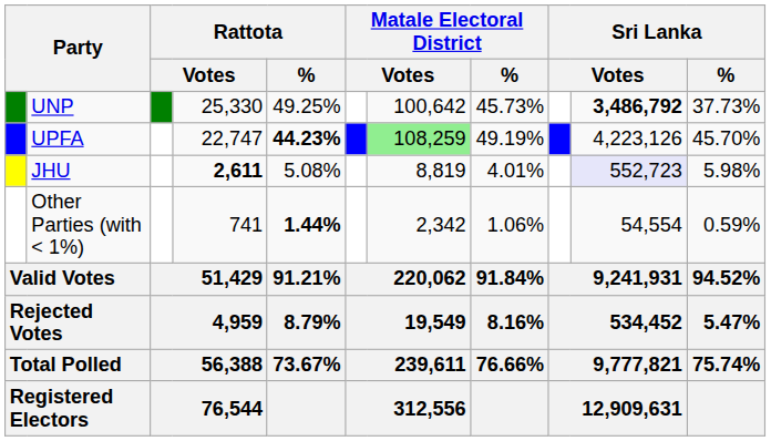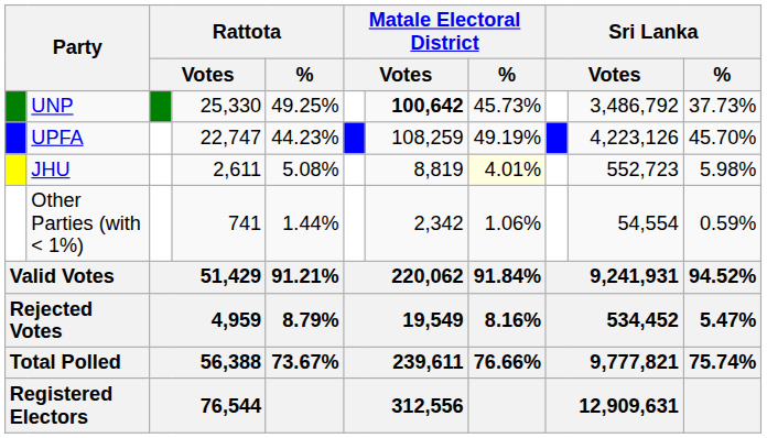 <table class="wikitable">
 <tr>
 <th colspan="2" width="144px"rowspan="2">Party</th>
 <th colspan="3" width="216px">Rattota</th>
 <th colspan="3" width="216px"><a href='#'>Matale Electoral District</a></th>
 <th colspan="3" width="216px">Sri Lanka</th>
 </tr>
 <tr>
 <th colspan="2" width="144px">Votes</th>
 <th>%</th>
 <th colspan="2" width="144px">Votes</th>
 <th>%</th>
 <th colspan="2" width="144px">Votes</th>
 <th>%</th>
 </tr>
 <tr>
 <td style="background-color:green;" width="10px"></td>
 <td style="text-align:left;"><a href='#'>UNP</a></td>
 <td style="background-color:green;" width="10px"></td>
 <td style="text-align:right;">25,330</td>
 <td style="text-align:right;">49.25%</td>
 <td style="background-color:white;" width="10px"></td>
-<td style="text-align:right;">100,642</td>
+<td style="text-align:right;"><strong>100,642</strong></td>
 <td style="text-align:right;">45.73%</td>
 <td style="background-color:white;" width="10px"></td>
-<td style="text-align:right;"><strong>3,486,792</strong></td>
+<td style="text-align:right;">3,486,792</td>
 <td style="text-align:right;">37.73%</td>
 </tr>
 <tr>
 <td style="background-color:blue;" width="10px"></td>
 <td style="text-align:left;"><a href='#'>UPFA</a></td>
 <td style="background-color:white;" width="10px"></td>
 <td style="text-align:right;">22,747</td>
-<td style="text-align:right;"><strong>44.23%</strong></td>
+<td style="text-align:right;">44.23%</td>
 <td style="background-color:blue;" width="10px"></td>
-<td style="background: lightgreen; text-align:right;">108,259</td>
+<td style="text-align:right;">108,259</td>
 <td style="text-align:right;">49.19%</td>
 <td style="background-color:blue;" width="10px"></td>
 <td style="text-align:right;">4,223,126</td>
 <td style="text-align:right;">45.70%</td>
 </tr>
 <tr>
 <td style="background-color:yellow;" width="10px"></td>
 <td style="text-align:left;"><a href='#'>JHU</a></td>
 <td style="background-color:white;" width="10px"></td>
-<td style="text-align:right;"><strong>2,611</strong></td>
+<td style="text-align:right;">2,611</td>
 <td style="text-align:right;">5.08%</td>
 <td style="background-color:white;" width="10px"></td>
 <td style="text-align:right;">8,819</td>
-<td style="text-align:right;">4.01%</td>
+<td style="background: lightyellow; text-align:right;">4.01%</td>
 <td style="background-color:white;" width="10px"></td>
-<td style="background: lavender; text-align:right;">552,723</td>
+<td style="text-align:right;">552,723</td>
 <td style="text-align:right;">5.98%</td>
 </tr>
 <tr>
 <td style="background-color:white;" width="10px"></td>
 <td style="text-align:left;">Other Parties (with < 1%)</td>
 <td style="background-color:white;" width="10px"></td>
 <td style="text-align:right;">741</td>
-<td style="text-align:right;"><strong>1.44%</strong></td>
+<td style="text-align:right;">1.44%</td>
 <td style="background-color:white;" width="10px"></td>
 <td style="text-align:right;">2,342</td>
 <td style="text-align:right;">1.06%</td>
 <td style="background-color:white;" width="10px"></td>
 <td style="text-align:right;">54,554</td>
 <td style="text-align:right;">0.59%</td>
 </tr>
 <tr>
 <th colspan="2" width="144px"style="text-align:left;">Valid Votes</th>
 <th style="text-align:right;"colspan="2" width="144px">51,429</th>
 <th style="text-align:right;">91.21%</th>
 <th style="text-align:right;"colspan="2" width="144px">220,062</th>
 <th style="text-align:right;">91.84%</th>
 <th style="text-align:right;"colspan="2" width="144px">9,241,931</th>
 <th style="text-align:right;">94.52%</th>
 </tr>
 <tr>
 <th colspan="2" width="144px"style="text-align:left;">Rejected Votes</th>
 <th style="text-align:right;"colspan="2" width="144px">4,959</th>
 <th style="text-align:right;">8.79%</th>
 <th style="text-align:right;"colspan="2" width="144px">19,549</th>
 <th style="text-align:right;">8.16%</th>
 <th style="text-align:right;"colspan="2" width="144px">534,452</th>
 <th style="text-align:right;">5.47%</th>
 </tr>
 <tr>
 <th colspan="2" width="144px"style="text-align:left;">Total Polled</th>
 <th style="text-align:right;"colspan="2" width="144px">56,388</th>
 <th style="text-align:right;">73.67%</th>
 <th style="text-align:right;"colspan="2" width="144px">239,611</th>
 <th style="text-align:right;">76.66%</th>
 <th style="text-align:right;"colspan="2" width="144px">9,777,821</th>
 <th style="text-align:right;">75.74%</th>
 </tr>
 <tr>
 <th colspan="2" width="144px"style="text-align:left;">Registered Electors</th>
 <th style="text-align:right;"colspan="2" width="144px">76,544</th>
 <th></th>
 <th style="text-align:right;"colspan="2" width="144px">312,556</th>
 <th></th>
 <th style="text-align:right;"colspan="2" width="144px">12,909,631</th>
 <th></th>
 </tr>
 </table>
